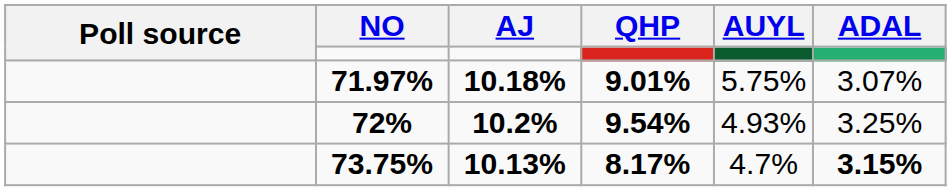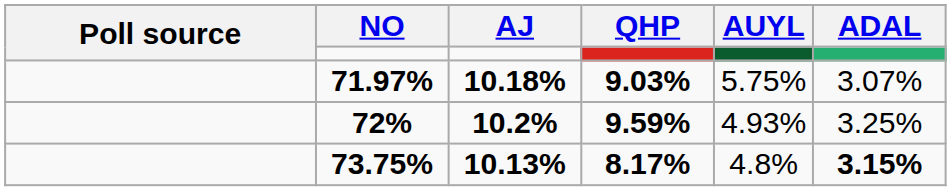 <table class="wikitable" style="font-size:95%; line-height:14px; text-align:center; margin-left: auto; margin-right: auto; border: none;">
 <tr>
 <th rowspan="2" style="width:150px;">Poll source</th>
 <th style="width:60px"><a href='#'>NO</a></th>
 <th style="width:60px"><a href='#'>AJ</a></th>
 <th style="width:60px"><a href='#'>QHP</a></th>
 <th><a href='#'>AUYL</a></th>
 <th style="width:60px"><a href='#'>ADAL</a></th>
 </tr>
 <tr>
 <td></td>
 <td></td>
 <td bgcolor="#DC241F"></td>
 <td bgcolor="#0A5C2F"></td>
 <td bgcolor="#25B071"></td>
 </tr>
 <tr>
 <td></td>
 <td><strong>71.97%</strong></td>
 <td><strong>10.18%</strong></td>
-<td><strong>9.01%</strong></td>
+<td><strong>9.03%</strong></td>
 <td>5.75%</td>
 <td>3.07%</td>
 </tr>
 <tr>
 <td></td>
 <td><strong>72%</strong></td>
 <td><strong>10.2%</strong></td>
-<td><strong>9.54%</strong></td>
+<td><strong>9.59%</strong></td>
 <td>4.93%</td>
 <td>3.25%</td>
 </tr>
 <tr>
 <td></td>
 <td><strong>73.75%</strong></td>
 <td><strong>10.13%</strong></td>
 <td><strong>8.17%</strong></td>
-<td>4.7%</td>
+<td>4.8%</td>
 <td><strong>3.15%</strong></td>
 </tr>
 </table>
